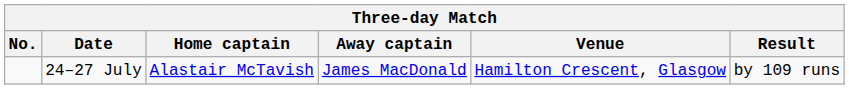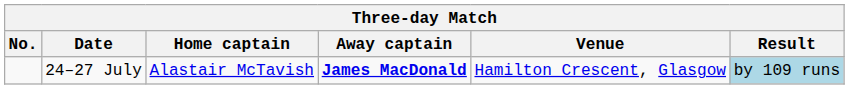 <table class="wikitable">
 <tr>
 <th colspan="9">Three-day Match</th>
 </tr>
 <tr>
 <th>No.</th>
 <th>Date</th>
 <th>Home captain</th>
 <th>Away captain</th>
 <th>Venue</th>
 <th>Result</th>
 </tr>
 <tr>
 <td></td>
 <td>24–27 July</td>
 <td><a href='#'>Alastair McTavish</a></td>
-<td><a href='#'>James MacDonald</a></td>
+<td><strong><a href='#'>James MacDonald</a></strong></td>
 <td><a href='#'>Hamilton Crescent</a>, <a href='#'>Glasgow</a></td>
-<td> by 109 runs</td>
+<td style="background: lightblue;"> by 109 runs</td>
 </tr>
 </table>
